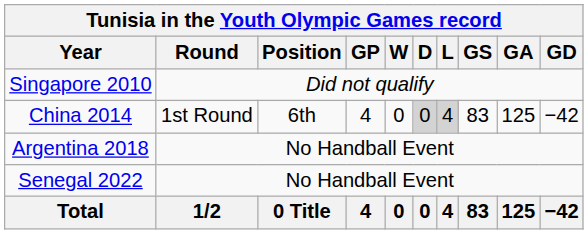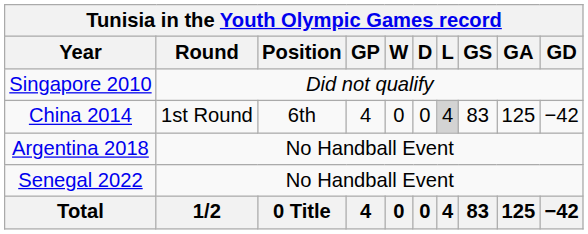 <table class="wikitable" style="text-align: center;">
 <tr>
 <th colspan=10>Tunisia in the <a href='#'>Youth Olympic Games record</a></th>
 </tr>
 <tr>
 <th>Year</th>
 <th>Round</th>
 <th>Position</th>
 <th>GP</th>
 <th>W</th>
 <th>D</th>
 <th>L</th>
 <th>GS</th>
 <th>GA</th>
 <th>GD</th>
 </tr>
 <tr>
 <td> <a href='#'>Singapore 2010</a></td>
 <td colspan="9"><em>Did not qualify</em></td>
 </tr>
 <tr>
 <td> <a href='#'>China 2014</a></td>
 <td>1st Round</td>
 <td>6th</td>
 <td>4</td>
 <td>0</td>
-<td style="background: lightgrey;">0</td>
+<td>0</td>
 <td style="background: lightgrey;">4</td>
 <td>83</td>
 <td>125</td>
 <td>−42</td>
 </tr>
 <tr>
 <td> <a href='#'>Argentina 2018</a></td>
 <td colspan=9>No Handball Event</td>
 </tr>
 <tr>
 <td> <a href='#'>Senegal 2022</a></td>
 <td colspan=9>No Handball Event</td>
 </tr>
 <tr>
 <th>Total</th>
 <th>1/2</th>
 <th>0 Title</th>
 <th>4</th>
 <th>0</th>
 <th>0</th>
 <th>4</th>
 <th>83</th>
 <th>125</th>
 <th>−42</th>
 </tr>
 </table>
